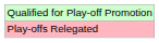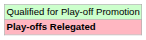 <table class=wikitable>
 <tr>
 <td bgcolor=ccffcc>Qualified for Play-off Promotion</td>
 </tr>
 <tr>
-<td bgcolor=ffb6c1>Play-offs Relegated</td>
+<td bgcolor=ffb6c1><strong>Play-offs Relegated</strong></td>
 </tr>
 </table>
